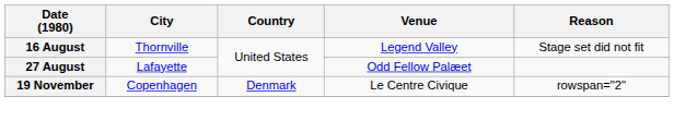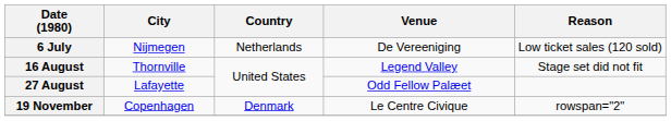 <table class="wikitable plainrowheaders" style="text-align:center;">
 <tr>
 <th scope="col" style="width:9em;">Date<br>(1980)</th>
 <th scope="col" style="width:10em;">City</th>
 <th scope="col" style="width:10em;">Country</th>
 <th scope="col" style="width:20em;">Venue</th>
 <th scope="col" style="width:15em;">Reason</th>
+</tr>
+<tr>
+<th scope="row" style="text-align:center;">6 July</th>
+<td><a href='#'>Nijmegen</a></td>
+<td>Netherlands</td>
+<td>De Vereeniging</td>
+<td>Low ticket sales (120 sold)</td>
 </tr>
 <tr>
 <th scope="row" style="text-align:center;">16 August</th>
 <td><a href='#'>Thornville</a></td>
 <td rowspan="2">United States</td>
 <td><a href='#'>Legend Valley</a></td>
 <td>Stage set did not fit</td>
 </tr>
 <tr>
 <th scope="row" style="text-align:center;">27 August</th>
 <td><a href='#'>Lafayette</a></td>
 <td><a href='#'>Odd Fellow Palæet</a></td>
 </tr>
 <tr>
 <th scope="row" style="text-align:center;">19 November</th>
 <td><a href='#'>Copenhagen</a></td>
 <td><a href='#'>Denmark</a></td>
 <td>Le Centre Civique</td>
 <td>rowspan="2" </td>
 </tr>
 <tr>
 </tr>
 </table>
